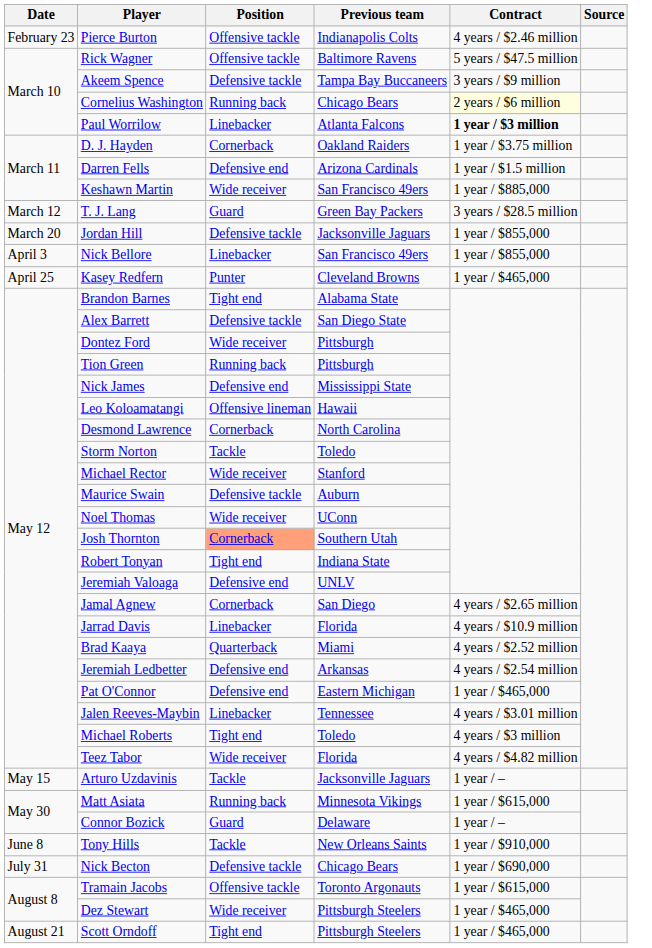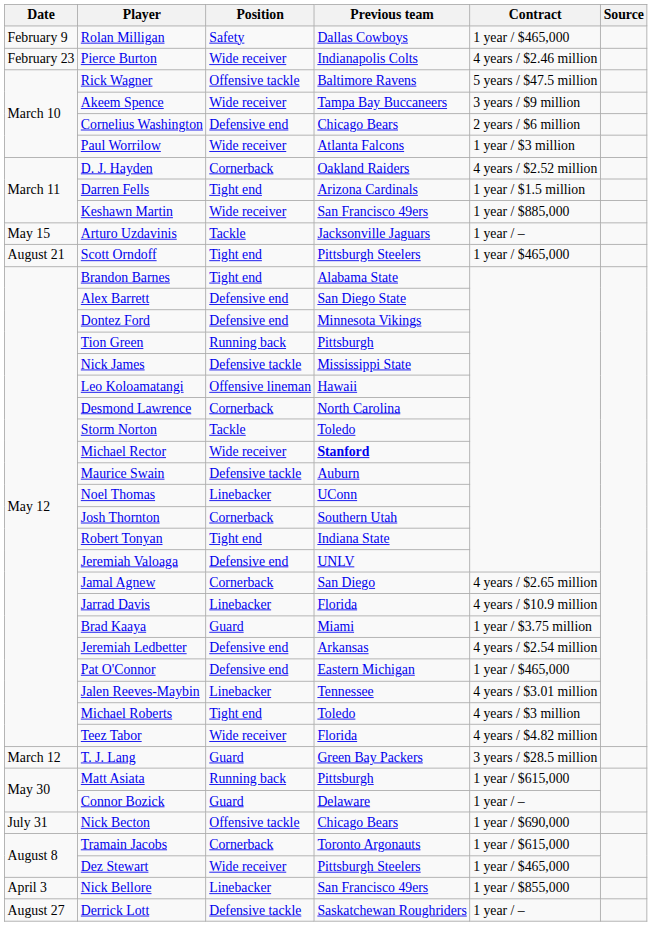 <table class="wikitable">
 <tr>
 <th>Date</th>
 <th>Player</th>
 <th>Position</th>
 <th>Previous team</th>
 <th>Contract</th>
 <th>Source</th>
 </tr>
 <tr>
+<td>February 9</td>
+<td><a href='#'>Rolan Milligan</a></td>
+<td><a href='#'>Safety</a></td>
+<td><a href='#'>Dallas Cowboys</a></td>
+<td>1 year / $465,000</td>
+<td></td>
+</tr>
+<tr>
 <td>February 23</td>
 <td><a href='#'>Pierce Burton</a></td>
-<td><a href='#'>Offensive tackle</a></td>
+<td><a href='#'>Wide receiver</a></td>
 <td><a href='#'>Indianapolis Colts</a></td>
 <td>4 years / $2.46 million</td>
 <td></td>
 </tr>
 <tr>
 <td rowspan="4">March 10</td>
 <td><a href='#'>Rick Wagner</a></td>
 <td><a href='#'>Offensive tackle</a></td>
 <td><a href='#'>Baltimore Ravens</a></td>
 <td>5 years / $47.5 million</td>
 <td></td>
 </tr>
 <tr>
 <td><a href='#'>Akeem Spence</a></td>
-<td><a href='#'>Defensive tackle</a></td>
+<td><a href='#'>Wide receiver</a></td>
 <td><a href='#'>Tampa Bay Buccaneers</a></td>
 <td>3 years / $9 million</td>
 <td></td>
 </tr>
 <tr>
 <td><a href='#'>Cornelius Washington</a></td>
-<td><a href='#'>Running back</a></td>
+<td><a href='#'>Defensive end</a></td>
 <td><a href='#'>Chicago Bears</a></td>
-<td style="background: lightyellow;">2 years / $6 million</td>
+<td>2 years / $6 million</td>
 <td></td>
 </tr>
 <tr>
 <td><a href='#'>Paul Worrilow</a></td>
-<td><a href='#'>Linebacker</a></td>
+<td><a href='#'>Wide receiver</a></td>
 <td><a href='#'>Atlanta Falcons</a></td>
-<td><strong>1 year / $3 million</strong></td>
+<td>1 year / $3 million</td>
 <td></td>
 </tr>
 <tr>
 <td rowspan="3">March 11</td>
 <td><a href='#'>D. J. Hayden</a></td>
 <td><a href='#'>Cornerback</a></td>
 <td><a href='#'>Oakland Raiders</a></td>
-<td>1 year / $3.75 million</td>
+<td>4 years / $2.52 million</td>
 <td></td>
 </tr>
 <tr>
 <td><a href='#'>Darren Fells</a></td>
-<td><a href='#'>Defensive end</a></td>
+<td><a href='#'>Tight end</a></td>
 <td><a href='#'>Arizona Cardinals</a></td>
 <td>1 year / $1.5 million</td>
 <td></td>
 </tr>
 <tr>
 <td><a href='#'>Keshawn Martin</a></td>
 <td><a href='#'>Wide receiver</a></td>
 <td><a href='#'>San Francisco 49ers</a></td>
 <td>1 year / $885,000</td>
 <td></td>
 </tr>
 <tr>
-<td>March 12</td>
-<td><a href='#'>T. J. Lang</a></td>
-<td><a href='#'>Guard</a></td>
-<td><a href='#'>Green Bay Packers</a></td>
-<td>3 years / $28.5 million</td>
+<td>May 15</td>
+<td><a href='#'>Arturo Uzdavinis</a></td>
+<td><a href='#'>Tackle</a></td>
+<td><a href='#'>Jacksonville Jaguars</a></td>
+<td>1 year / –</td>
 <td></td>
 </tr>
 <tr>
-<td>March 20</td>
-<td><a href='#'>Jordan Hill</a></td>
-<td><a href='#'>Defensive tackle</a></td>
-<td><a href='#'>Jacksonville Jaguars</a></td>
-<td>1 year / $855,000</td>
-<td></td>
-</tr>
-<tr>
-<td>April 3</td>
-<td><a href='#'>Nick Bellore</a></td>
-<td><a href='#'>Linebacker</a></td>
-<td><a href='#'>San Francisco 49ers</a></td>
-<td>1 year / $855,000</td>
-<td></td>
-</tr>
-<tr>
-<td>April 25</td>
-<td><a href='#'>Kasey Redfern</a></td>
-<td><a href='#'>Punter</a></td>
-<td><a href='#'>Cleveland Browns</a></td>
+<td>August 21</td>
+<td><a href='#'>Scott Orndoff</a></td>
+<td><a href='#'>Tight end</a></td>
+<td><a href='#'>Pittsburgh Steelers</a></td>
 <td>1 year / $465,000</td>
 <td></td>
 </tr>
 <tr>
 <td rowspan="22">May 12</td>
 <td><a href='#'>Brandon Barnes</a></td>
 <td><a href='#'>Tight end</a></td>
 <td><a href='#'>Alabama State</a></td>
 <td rowspan="14"></td>
 <td rowspan="22"></td>
 </tr>
 <tr>
 <td><a href='#'>Alex Barrett</a></td>
-<td><a href='#'>Defensive tackle</a></td>
+<td><a href='#'>Defensive end</a></td>
 <td><a href='#'>San Diego State</a></td>
 </tr>
 <tr>
 <td><a href='#'>Dontez Ford</a></td>
-<td><a href='#'>Wide receiver</a></td>
-<td><a href='#'>Pittsburgh</a></td>
+<td><a href='#'>Defensive end</a></td>
+<td><a href='#'>Minnesota Vikings</a></td>
 </tr>
 <tr>
 <td><a href='#'>Tion Green</a></td>
 <td><a href='#'>Running back</a></td>
 <td><a href='#'>Pittsburgh</a></td>
 </tr>
 <tr>
 <td><a href='#'>Nick James</a></td>
-<td><a href='#'>Defensive end</a></td>
+<td><a href='#'>Defensive tackle</a></td>
 <td><a href='#'>Mississippi State</a></td>
 </tr>
 <tr>
 <td><a href='#'>Leo Koloamatangi</a></td>
 <td><a href='#'>Offensive lineman</a></td>
 <td><a href='#'>Hawaii</a></td>
 </tr>
 <tr>
 <td><a href='#'>Desmond Lawrence</a></td>
 <td><a href='#'>Cornerback</a></td>
 <td><a href='#'>North Carolina</a></td>
 </tr>
 <tr>
 <td><a href='#'>Storm Norton</a></td>
 <td><a href='#'>Tackle</a></td>
 <td><a href='#'>Toledo</a></td>
 </tr>
 <tr>
 <td><a href='#'>Michael Rector</a></td>
 <td><a href='#'>Wide receiver</a></td>
-<td><a href='#'>Stanford</a></td>
+<td><strong><a href='#'>Stanford</a></strong></td>
 </tr>
 <tr>
 <td><a href='#'>Maurice Swain</a></td>
 <td><a href='#'>Defensive tackle</a></td>
 <td><a href='#'>Auburn</a></td>
 </tr>
 <tr>
 <td><a href='#'>Noel Thomas</a></td>
-<td><a href='#'>Wide receiver</a></td>
+<td><a href='#'>Linebacker</a></td>
 <td><a href='#'>UConn</a></td>
 </tr>
 <tr>
 <td><a href='#'>Josh Thornton</a></td>
-<td style="background: lightsalmon;"><a href='#'>Cornerback</a></td>
+<td><a href='#'>Cornerback</a></td>
 <td><a href='#'>Southern Utah</a></td>
 </tr>
 <tr>
 <td><a href='#'>Robert Tonyan</a></td>
 <td><a href='#'>Tight end</a></td>
 <td><a href='#'>Indiana State</a></td>
 </tr>
 <tr>
 <td><a href='#'>Jeremiah Valoaga</a></td>
 <td><a href='#'>Defensive end</a></td>
 <td><a href='#'>UNLV</a></td>
 </tr>
 <tr>
 <td><a href='#'>Jamal Agnew</a></td>
 <td><a href='#'>Cornerback</a></td>
 <td><a href='#'>San Diego</a></td>
 <td>4 years / $2.65 million</td>
 </tr>
 <tr>
 <td><a href='#'>Jarrad Davis</a></td>
 <td><a href='#'>Linebacker</a></td>
 <td><a href='#'>Florida</a></td>
 <td>4 years / $10.9 million</td>
 </tr>
 <tr>
 <td><a href='#'>Brad Kaaya</a></td>
-<td><a href='#'>Quarterback</a></td>
+<td><a href='#'>Guard</a></td>
 <td><a href='#'>Miami</a></td>
-<td>4 years / $2.52 million</td>
+<td>1 year / $3.75 million</td>
 </tr>
 <tr>
 <td><a href='#'>Jeremiah Ledbetter</a></td>
 <td><a href='#'>Defensive end</a></td>
 <td><a href='#'>Arkansas</a></td>
 <td>4 years / $2.54 million</td>
 </tr>
 <tr>
 <td><a href='#'>Pat O'Connor</a></td>
 <td><a href='#'>Defensive end</a></td>
 <td><a href='#'>Eastern Michigan</a></td>
 <td>1 year / $465,000</td>
 </tr>
 <tr>
 <td><a href='#'>Jalen Reeves-Maybin</a></td>
 <td><a href='#'>Linebacker</a></td>
 <td><a href='#'>Tennessee</a></td>
 <td>4 years / $3.01 million</td>
 </tr>
 <tr>
 <td><a href='#'>Michael Roberts</a></td>
 <td><a href='#'>Tight end</a></td>
 <td><a href='#'>Toledo</a></td>
 <td>4 years / $3 million</td>
 </tr>
 <tr>
 <td><a href='#'>Teez Tabor</a></td>
 <td><a href='#'>Wide receiver</a></td>
 <td><a href='#'>Florida</a></td>
 <td>4 years / $4.82 million</td>
 </tr>
 <tr>
-<td>May 15</td>
-<td><a href='#'>Arturo Uzdavinis</a></td>
-<td><a href='#'>Tackle</a></td>
-<td><a href='#'>Jacksonville Jaguars</a></td>
-<td>1 year / –</td>
+<td>March 12</td>
+<td><a href='#'>T. J. Lang</a></td>
+<td><a href='#'>Guard</a></td>
+<td><a href='#'>Green Bay Packers</a></td>
+<td>3 years / $28.5 million</td>
 <td></td>
 </tr>
 <tr>
 <td rowspan="2">May 30</td>
 <td><a href='#'>Matt Asiata</a></td>
 <td><a href='#'>Running back</a></td>
-<td><a href='#'>Minnesota Vikings</a></td>
+<td><a href='#'>Pittsburgh</a></td>
 <td>1 year / $615,000</td>
 <td rowspan="2"></td>
 </tr>
 <tr>
 <td><a href='#'>Connor Bozick</a></td>
 <td><a href='#'>Guard</a></td>
 <td><a href='#'>Delaware</a></td>
 <td>1 year / –</td>
 </tr>
 <tr>
-<td>June 8</td>
-<td><a href='#'>Tony Hills</a></td>
-<td><a href='#'>Tackle</a></td>
-<td><a href='#'>New Orleans Saints</a></td>
-<td>1 year / $910,000</td>
-<td></td>
-</tr>
-<tr>
 <td>July 31</td>
 <td><a href='#'>Nick Becton</a></td>
-<td><a href='#'>Defensive tackle</a></td>
+<td><a href='#'>Offensive tackle</a></td>
 <td><a href='#'>Chicago Bears</a></td>
 <td>1 year / $690,000</td>
 <td></td>
 </tr>
 <tr>
 <td rowspan="2">August 8</td>
 <td><a href='#'>Tramain Jacobs</a></td>
-<td><a href='#'>Offensive tackle</a></td>
+<td><a href='#'>Cornerback</a></td>
 <td><a href='#'>Toronto Argonauts</a></td>
 <td>1 year / $615,000</td>
 <td rowspan="2"></td>
 </tr>
 <tr>
 <td><a href='#'>Dez Stewart</a></td>
 <td><a href='#'>Wide receiver</a></td>
 <td><a href='#'>Pittsburgh Steelers</a></td>
 <td>1 year / $465,000</td>
 </tr>
 <tr>
-<td>August 21</td>
-<td><a href='#'>Scott Orndoff</a></td>
-<td><a href='#'>Tight end</a></td>
-<td><a href='#'>Pittsburgh Steelers</a></td>
-<td>1 year / $465,000</td>
+<td>April 3</td>
+<td><a href='#'>Nick Bellore</a></td>
+<td><a href='#'>Linebacker</a></td>
+<td><a href='#'>San Francisco 49ers</a></td>
+<td>1 year / $855,000</td>
+<td></td>
+</tr>
+<tr>
+<td>August 27</td>
+<td><a href='#'>Derrick Lott</a></td>
+<td><a href='#'>Defensive tackle</a></td>
+<td><a href='#'>Saskatchewan Roughriders</a></td>
+<td>1 year / –</td>
 <td></td>
 </tr>
 </table>
